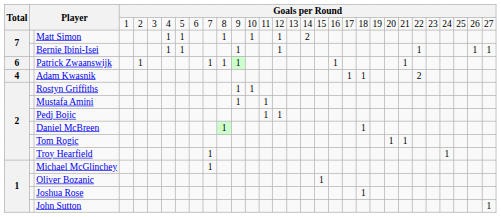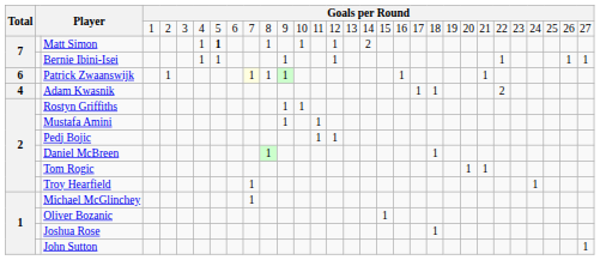 <table class="wikitable" style="text-align:center; line-height: 90%; font-size:90%;">
 <tr>
 <th rowspan="2">Total</th>
 <th rowspan="2" colspan="2">Player</th>
 <th colspan="30">Goals per Round</th>
 </tr>
 <tr>
 <td> 1 </td>
 <td> 2 </td>
 <td> 3 </td>
 <td> 4 </td>
 <td> 5 </td>
 <td> 6 </td>
 <td> 7 </td>
 <td> 8 </td>
 <td> 9 </td>
 <td>10</td>
 <td>11</td>
 <td>12</td>
 <td>13</td>
 <td>14</td>
 <td>15</td>
 <td>16</td>
 <td>17</td>
 <td>18</td>
 <td>19</td>
 <td>20</td>
 <td>21</td>
 <td>22</td>
 <td>23</td>
 <td>24</td>
 <td>25</td>
 <td>26</td>
 <td>27</td>
 </tr>
 <tr>
 <th rowspan=2>7</th>
 <td></td>
 <td style="text-align:left;"><a href='#'>Matt Simon</a></td>
 <td></td>
 <td></td>
 <td></td>
 <td>1</td>
-<td>1</td>
+<td><strong>1</strong></td>
 <td></td>
 <td></td>
 <td>1</td>
 <td></td>
 <td>1</td>
 <td></td>
 <td>1</td>
 <td></td>
 <td>2</td>
 <td></td>
 <td></td>
 <td></td>
 <td></td>
 <td></td>
 <td></td>
 <td></td>
 <td></td>
 <td></td>
 <td></td>
 <td></td>
 <td></td>
 <td></td>
 </tr>
 <tr>
 <td></td>
 <td style="text-align:left;"><a href='#'>Bernie Ibini-Isei</a></td>
 <td></td>
 <td></td>
 <td></td>
 <td>1</td>
 <td>1</td>
 <td></td>
 <td></td>
 <td></td>
 <td>1</td>
 <td></td>
 <td></td>
 <td>1</td>
 <td></td>
 <td></td>
 <td></td>
 <td></td>
 <td></td>
 <td></td>
 <td></td>
 <td></td>
 <td></td>
 <td>1</td>
 <td></td>
 <td></td>
 <td></td>
 <td>1</td>
 <td>1</td>
 </tr>
 <tr>
 <th rowspan=1>6</th>
 <td></td>
 <td style="text-align:left;"><a href='#'>Patrick Zwaanswijk</a></td>
 <td></td>
 <td>1</td>
 <td></td>
 <td></td>
 <td></td>
 <td></td>
-<td>1</td>
+<td style="background: lightyellow;">1</td>
 <td>1</td>
 <td style="background:#ccffcc;">1</td>
 <td></td>
 <td></td>
 <td></td>
 <td></td>
 <td></td>
 <td></td>
 <td>1</td>
 <td></td>
 <td></td>
 <td></td>
 <td></td>
 <td>1</td>
 <td></td>
 <td></td>
 <td></td>
 <td></td>
 <td></td>
 <td></td>
 </tr>
 <tr>
 <th>4</th>
 <td></td>
 <td style="text-align:left;"><a href='#'>Adam Kwasnik</a></td>
 <td></td>
 <td></td>
 <td></td>
 <td></td>
 <td></td>
 <td></td>
 <td></td>
 <td></td>
 <td></td>
 <td></td>
 <td></td>
 <td></td>
 <td></td>
 <td></td>
 <td></td>
 <td></td>
 <td>1</td>
 <td>1</td>
 <td></td>
 <td></td>
 <td></td>
 <td>2</td>
 <td></td>
 <td></td>
 <td></td>
 <td></td>
 <td></td>
 </tr>
 <tr>
 <th rowspan=6>2</th>
 <td></td>
 <td style="text-align:left;"><a href='#'>Rostyn Griffiths</a></td>
 <td></td>
 <td></td>
 <td></td>
 <td></td>
 <td></td>
 <td></td>
 <td></td>
 <td></td>
 <td>1</td>
 <td>1</td>
 <td></td>
 <td></td>
 <td></td>
 <td></td>
 <td></td>
 <td></td>
 <td></td>
 <td></td>
 <td></td>
 <td></td>
 <td></td>
 <td></td>
 <td></td>
 <td></td>
 <td></td>
 <td></td>
 <td></td>
 </tr>
 <tr>
 <td></td>
 <td style="text-align:left;"><a href='#'>Mustafa Amini</a></td>
 <td></td>
 <td></td>
 <td></td>
 <td></td>
 <td></td>
 <td></td>
 <td></td>
 <td></td>
 <td>1</td>
 <td></td>
 <td>1</td>
 <td></td>
 <td></td>
 <td></td>
 <td></td>
 <td></td>
 <td></td>
 <td></td>
 <td></td>
 <td></td>
 <td></td>
 <td></td>
 <td></td>
 <td></td>
 <td></td>
 <td></td>
 <td></td>
 </tr>
 <tr>
 <td></td>
 <td style="text-align:left;"><a href='#'>Pedj Bojic</a></td>
 <td></td>
 <td></td>
 <td></td>
 <td></td>
 <td></td>
 <td></td>
 <td></td>
 <td></td>
 <td></td>
 <td></td>
 <td>1</td>
 <td>1</td>
 <td></td>
 <td></td>
 <td></td>
 <td></td>
 <td></td>
 <td></td>
 <td></td>
 <td></td>
 <td></td>
 <td></td>
 <td></td>
 <td></td>
 <td></td>
 <td></td>
 <td></td>
 </tr>
 <tr>
 <td></td>
 <td style="text-align:left;"><a href='#'>Daniel McBreen</a></td>
 <td></td>
 <td></td>
 <td></td>
 <td></td>
 <td></td>
 <td></td>
 <td></td>
 <td style="background:#ccffcc;">1</td>
 <td></td>
 <td></td>
 <td></td>
 <td></td>
 <td></td>
 <td></td>
 <td></td>
 <td></td>
 <td></td>
 <td>1</td>
 <td></td>
 <td></td>
 <td></td>
 <td></td>
 <td></td>
 <td></td>
 <td></td>
 <td></td>
 <td></td>
 </tr>
 <tr>
 <td></td>
 <td style="text-align:left;"><a href='#'>Tom Rogic</a></td>
 <td></td>
 <td></td>
 <td></td>
 <td></td>
 <td></td>
 <td></td>
 <td></td>
 <td></td>
 <td></td>
 <td></td>
 <td></td>
 <td></td>
 <td></td>
 <td></td>
 <td></td>
 <td></td>
 <td></td>
 <td></td>
 <td></td>
 <td>1</td>
 <td>1</td>
 <td></td>
 <td></td>
 <td></td>
 <td></td>
 <td></td>
 <td></td>
 </tr>
 <tr>
 <td></td>
 <td style="text-align:left;"><a href='#'>Troy Hearfield</a></td>
 <td></td>
 <td></td>
 <td></td>
 <td></td>
 <td></td>
 <td></td>
 <td>1</td>
 <td></td>
 <td></td>
 <td></td>
 <td></td>
 <td></td>
 <td></td>
 <td></td>
 <td></td>
 <td></td>
 <td></td>
 <td></td>
 <td></td>
 <td></td>
 <td></td>
 <td></td>
 <td></td>
 <td>1</td>
 <td></td>
 <td></td>
 <td></td>
 </tr>
 <tr>
 <th rowspan=4>1</th>
 <td></td>
 <td style="text-align:left;"><a href='#'>Michael McGlinchey</a></td>
 <td></td>
 <td></td>
 <td></td>
 <td></td>
 <td></td>
 <td></td>
 <td>1</td>
 <td></td>
 <td></td>
 <td></td>
 <td></td>
 <td></td>
 <td></td>
 <td></td>
 <td></td>
 <td></td>
 <td></td>
 <td></td>
 <td></td>
 <td></td>
 <td></td>
 <td></td>
 <td></td>
 <td></td>
 <td></td>
 <td></td>
 <td></td>
 </tr>
 <tr>
 <td></td>
 <td style="text-align:left;"><a href='#'>Oliver Bozanic</a></td>
 <td></td>
 <td></td>
 <td></td>
 <td></td>
 <td></td>
 <td></td>
 <td></td>
 <td></td>
 <td></td>
 <td></td>
 <td></td>
 <td></td>
 <td></td>
 <td></td>
 <td>1</td>
 <td></td>
 <td></td>
 <td></td>
 <td></td>
 <td></td>
 <td></td>
 <td></td>
 <td></td>
 <td></td>
 <td></td>
 <td></td>
 <td></td>
 </tr>
 <tr>
 <td></td>
 <td style="text-align:left;"><a href='#'>Joshua Rose</a></td>
 <td></td>
 <td></td>
 <td></td>
 <td></td>
 <td></td>
 <td></td>
 <td></td>
 <td></td>
 <td></td>
 <td></td>
 <td></td>
 <td></td>
 <td></td>
 <td></td>
 <td></td>
 <td></td>
 <td></td>
 <td>1</td>
 <td></td>
 <td></td>
 <td></td>
 <td></td>
 <td></td>
 <td></td>
 <td></td>
 <td></td>
 <td></td>
 </tr>
 <tr>
 <td></td>
 <td style="text-align:left;"><a href='#'>John Sutton</a></td>
 <td></td>
 <td></td>
 <td></td>
 <td></td>
 <td></td>
 <td></td>
 <td></td>
 <td></td>
 <td></td>
 <td></td>
 <td></td>
 <td></td>
 <td></td>
 <td></td>
 <td></td>
 <td></td>
 <td></td>
 <td></td>
 <td></td>
 <td></td>
 <td></td>
 <td></td>
 <td></td>
 <td></td>
 <td></td>
 <td></td>
 <td>1</td>
 </tr>
 </table>
